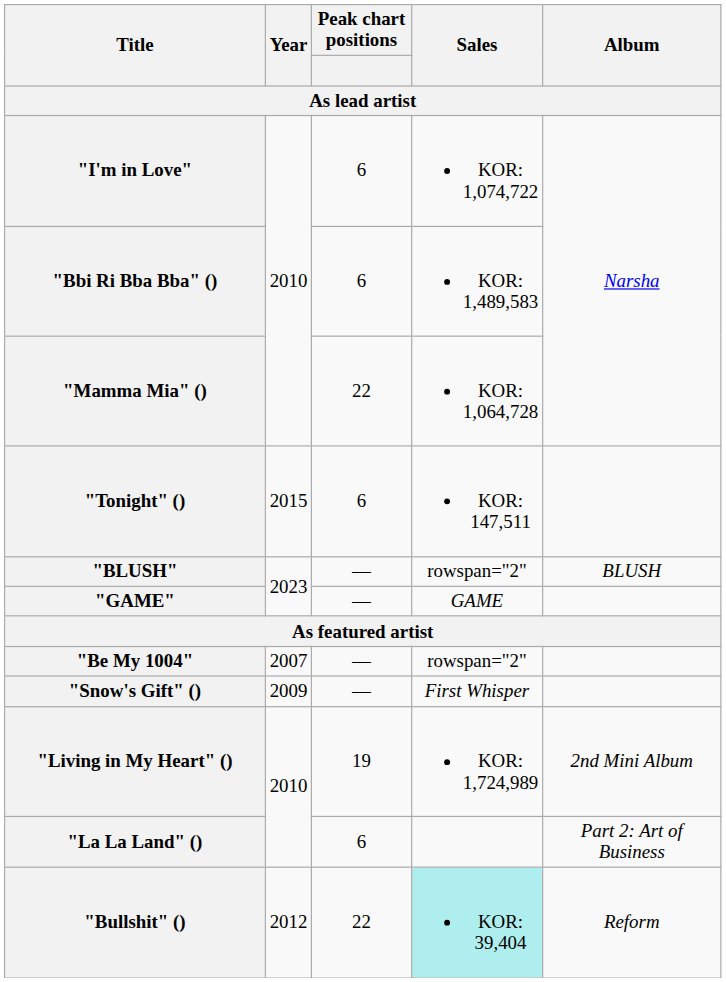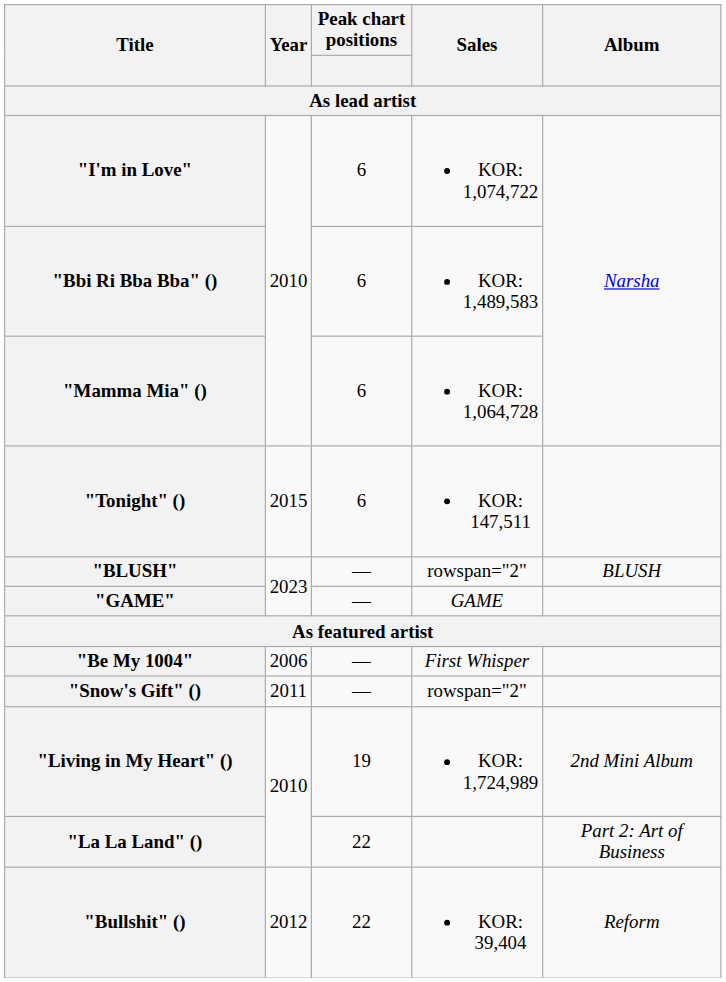 <table class="wikitable plainrowheaders" style="text-align:center">
 <tr>
 <th rowspan="2" scope="col" style="width:15em">Title</th>
 <th rowspan="2" scope="col">Year</th>
 <th colspan="1" scope="col" style="width:5em">Peak chart positions</th>
 <th rowspan="2" scope="col">Sales<br></th>
 <th rowspan="2" scope="col" style="width:10em">Album</th>
 </tr>
 <tr>
 <th><br></th>
 </tr>
 <tr>
 <th colspan="5">As lead artist</th>
 </tr>
 <tr>
 <th scope="row">"I'm in Love" <br></th>
 <td rowspan="3">2010</td>
 <td>6</td>
 <td><br><ul><li>KOR: 1,074,722</li></ul></td>
 <td rowspan="3" style="text-align:center"><em><a href='#'>Narsha</a></em></td>
 </tr>
 <tr>
 <th scope="row">"Bbi Ri Bba Bba" ()</th>
 <td>6</td>
 <td><br><ul><li>KOR: 1,489,583</li></ul></td>
 </tr>
 <tr>
 <th scope="row">"Mamma Mia" ()<br></th>
-<td>22</td>
+<td>6</td>
 <td><br><ul><li>KOR: 1,064,728</li></ul></td>
 </tr>
 <tr>
 <th scope="row">"Tonight" ()<br></th>
 <td>2015</td>
 <td>6</td>
 <td><br><ul><li>KOR: 147,511</li></ul></td>
 <td></td>
 </tr>
 <tr>
 <th scope="row">"BLUSH"<br></th>
 <td rowspan="2">2023</td>
 <td>—</td>
 <td>rowspan="2" </td>
 <td><em>BLUSH</em></td>
 </tr>
 <tr>
 <th scope="row">"GAME"<br></th>
 <td>—</td>
 <td><em>GAME</em></td>
 </tr>
 <tr>
 <th colspan="5">As featured artist</th>
 </tr>
 <tr>
 <th scope="row">"Be My 1004"<br></th>
-<td>2007</td>
+<td>2006</td>
 <td>—</td>
-<td>rowspan="2" </td>
+<td><em>First Whisper</em></td>
 <td></td>
 </tr>
 <tr>
 <th scope="row">"Snow's Gift" ()<br></th>
-<td>2009</td>
+<td>2011</td>
 <td>—</td>
-<td><em>First Whisper</em></td>
+<td>rowspan="2" </td>
 </tr>
 <tr>
 <th scope="row">"Living in My Heart" ()<br></th>
 <td rowspan="2">2010</td>
 <td>19</td>
 <td><br><ul><li>KOR: 1,724,989</li></ul></td>
 <td><em>2nd Mini Album</em></td>
 </tr>
 <tr>
 <th scope="row">"La La Land" ()<br></th>
-<td>6</td>
+<td>22</td>
 <td></td>
 <td><em>Part 2: Art of Business</em></td>
 </tr>
 <tr>
 <th scope="row">"Bullshit" ()<br></th>
 <td>2012</td>
 <td>22</td>
-<td style="background: paleturquoise;"><br><ul><li>KOR: 39,404</li></ul></td>
+<td><br><ul><li>KOR: 39,404</li></ul></td>
 <td><em>Reform</em></td>
 </tr>
 </table>
